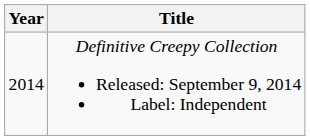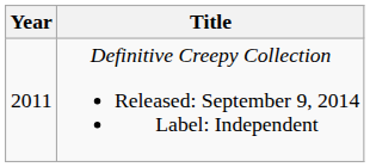 <table class="wikitable" style="text-align:center;">
 <tr>
 <th>Year</th>
 <th>Title</th>
 </tr>
 <tr>
-<td>2014</td>
+<td>2011</td>
 <td><em>Definitive Creepy Collection</em><br><ul><li>Released: September 9, 2014</li><li>Label: Independent</li></ul></td>
 </tr>
 </table>
